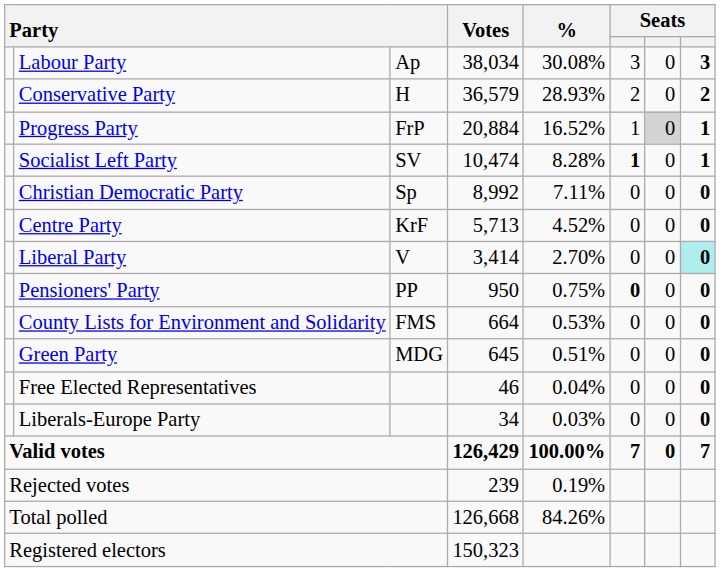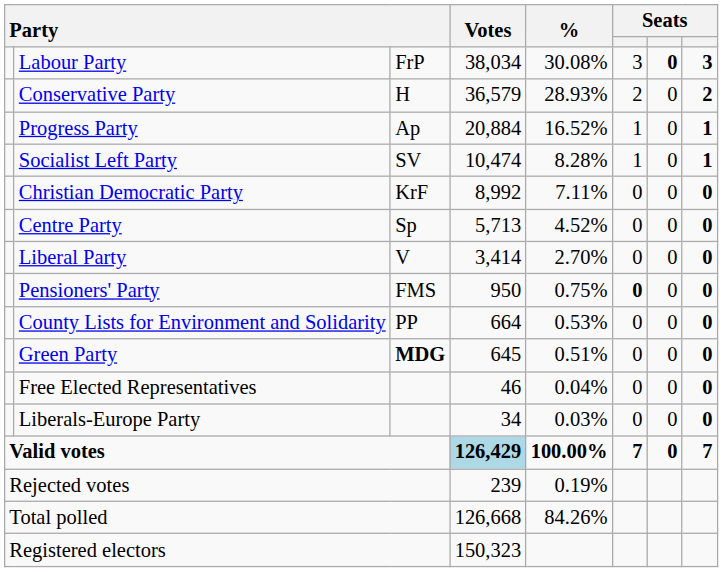 <table class="wikitable" border="1" style="text-align:right;">
 <tr>
 <th style="text-align:left;" valign=bottom rowspan=2 colspan=3>Party</th>
 <th align=center valign=bottom rowspan=2 width="50">Votes</th>
 <th align=center valign=bottom rowspan=2 width="50">%</th>
 <th colspan=3>Seats</th>
 </tr>
 <tr>
 <th align=center valign=bottom width="20"><small></small></th>
 <th align=center valign=bottom width="20"><small><a href='#'></a></small></th>
 <th align=center valign=bottom width="20"><small></small></th>
 </tr>
 <tr>
 <td style="color:inherit;background:"></td>
 <td align=left><a href='#'>Labour Party</a></td>
-<td align=left>Ap</td>
+<td align=left>FrP</td>
 <td>38,034</td>
 <td>30.08%</td>
 <td>3</td>
-<td>0</td>
+<td><strong>0</strong></td>
 <td><strong>3</strong></td>
 </tr>
 <tr>
 <td style="color:inherit;background:"></td>
 <td align=left><a href='#'>Conservative Party</a></td>
 <td align=left>H</td>
 <td>36,579</td>
 <td>28.93%</td>
 <td>2</td>
 <td>0</td>
 <td><strong>2</strong></td>
 </tr>
 <tr>
 <td style="color:inherit;background:"></td>
 <td align=left><a href='#'>Progress Party</a></td>
-<td align=left>FrP</td>
+<td align=left>Ap</td>
 <td>20,884</td>
 <td>16.52%</td>
 <td>1</td>
-<td style="background: lightgrey;">0</td>
+<td>0</td>
 <td><strong>1</strong></td>
 </tr>
 <tr>
 <td style="color:inherit;background:"></td>
 <td align=left><a href='#'>Socialist Left Party</a></td>
 <td align=left>SV</td>
 <td>10,474</td>
 <td>8.28%</td>
-<td><strong>1</strong></td>
+<td>1</td>
 <td>0</td>
 <td><strong>1</strong></td>
 </tr>
 <tr>
 <td style="color:inherit;background:"></td>
 <td align=left><a href='#'>Christian Democratic Party</a></td>
-<td align=left>Sp</td>
+<td align=left>KrF</td>
 <td>8,992</td>
 <td>7.11%</td>
 <td>0</td>
 <td>0</td>
 <td><strong>0</strong></td>
 </tr>
 <tr>
 <td style="color:inherit;background:"></td>
 <td align=left><a href='#'>Centre Party</a></td>
-<td align=left>KrF</td>
+<td align=left>Sp</td>
 <td>5,713</td>
 <td>4.52%</td>
 <td>0</td>
 <td>0</td>
 <td><strong>0</strong></td>
 </tr>
 <tr>
 <td style="color:inherit;background:"></td>
 <td align=left><a href='#'>Liberal Party</a></td>
 <td align=left>V</td>
 <td>3,414</td>
 <td>2.70%</td>
 <td>0</td>
 <td>0</td>
-<td style="background: paleturquoise;"><strong>0</strong></td>
+<td><strong>0</strong></td>
 </tr>
 <tr>
 <td style="color:inherit;background:"></td>
 <td align=left><a href='#'>Pensioners' Party</a></td>
-<td align=left>PP</td>
+<td align=left>FMS</td>
 <td>950</td>
 <td>0.75%</td>
 <td><strong>0</strong></td>
 <td>0</td>
 <td><strong>0</strong></td>
 </tr>
 <tr>
 <td></td>
 <td align=left><a href='#'>County Lists for Environment and Solidarity</a></td>
-<td align=left>FMS</td>
+<td align=left>PP</td>
 <td>664</td>
 <td>0.53%</td>
 <td>0</td>
 <td>0</td>
 <td><strong>0</strong></td>
 </tr>
 <tr>
 <td style="color:inherit;background:"></td>
 <td align=left><a href='#'>Green Party</a></td>
-<td align=left>MDG</td>
+<td align=left><strong>MDG</strong></td>
 <td>645</td>
 <td>0.51%</td>
 <td>0</td>
 <td>0</td>
 <td><strong>0</strong></td>
 </tr>
 <tr>
 <td></td>
 <td align=left>Free Elected Representatives</td>
 <td align=left></td>
 <td>46</td>
 <td>0.04%</td>
 <td>0</td>
 <td>0</td>
 <td><strong>0</strong></td>
 </tr>
 <tr>
 <td></td>
 <td align=left>Liberals-Europe Party</td>
 <td align=left></td>
 <td>34</td>
 <td>0.03%</td>
 <td>0</td>
 <td>0</td>
 <td><strong>0</strong></td>
 </tr>
 <tr style="font-weight:bold">
 <td align=left colspan=3>Valid votes</td>
-<td>126,429</td>
+<td style="background: lightblue;">126,429</td>
 <td>100.00%</td>
 <td>7</td>
 <td>0</td>
 <td>7</td>
 </tr>
 <tr>
 <td align=left colspan=3>Rejected votes</td>
 <td>239</td>
 <td>0.19%</td>
 <td></td>
 <td></td>
 <td></td>
 </tr>
 <tr>
 <td align=left colspan=3>Total polled</td>
 <td>126,668</td>
 <td>84.26%</td>
 <td></td>
 <td></td>
 <td></td>
 </tr>
 <tr>
 <td align=left colspan=3>Registered electors</td>
 <td>150,323</td>
 <td></td>
 <td></td>
 <td></td>
 <td></td>
 </tr>
 </table>
